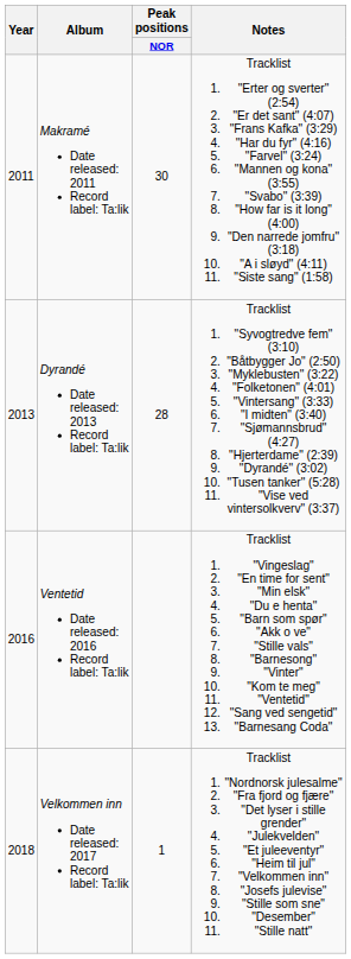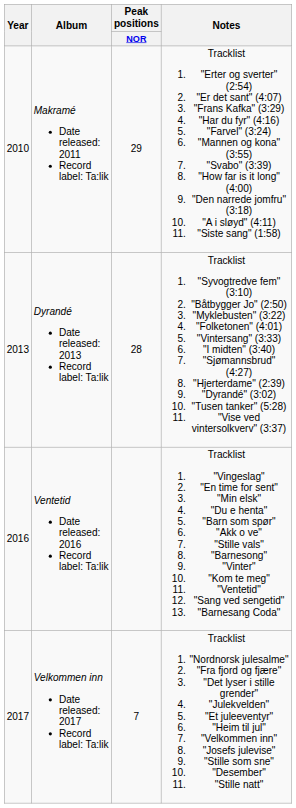 <table class="wikitable">
 <tr>
 <th align="center" rowspan="2" width="10">Year</th>
 <th align="center" rowspan="2" width="120">Album</th>
 <th align="center" colspan="1" width="20">Peak positions</th>
 <th align="center" rowspan="2" width="200">Notes</th>
 </tr>
 <tr>
 <th scope="col" style="width:3em;font-size:90%;"><a href='#'>NOR</a><br></th>
 </tr>
 <tr>
-<td style="text-align:center;">2011</td>
+<td style="text-align:center;">2010</td>
 <td><em>Makramé</em><br><ul><li>Date released: 2011</li><li>Record label: Ta:lik</li></ul></td>
-<td style="text-align:center;">30</td>
+<td style="text-align:center;">29</td>
 <td style="text-align:center;">Tracklist<br><ol><li>"Erter og sverter" (2:54)</li><li>"Er det sant" (4:07)</li><li>"Frans Kafka" (3:29)</li><li>"Har du fyr" (4:16)</li><li>"Farvel" (3:24)</li><li>"Mannen og kona" (3:55)</li><li>"Svabo" (3:39)</li><li>"How far is it long" (4:00)</li><li>"Den narrede jomfru" (3:18)</li><li>"A i sløyd" (4:11)</li><li>"Siste sang" (1:58)</li></ol></td>
 </tr>
 <tr>
 <td style="text-align:center;">2013</td>
 <td><em>Dyrandé</em><br><ul><li>Date released: 2013</li><li>Record label: Ta:lik</li></ul></td>
 <td style="text-align:center;">28</td>
 <td style="text-align:center;">Tracklist<br><ol><li>"Syvogtredve fem" (3:10)</li><li>"Båtbygger Jo" (2:50)</li><li>"Myklebusten" (3:22)</li><li>"Folketonen" (4:01)</li><li>"Vintersang" (3:33)</li><li>"I midten" (3:40)</li><li>"Sjømannsbrud" (4:27)</li><li>"Hjerterdame" (2:39)</li><li>"Dyrandé" (3:02)</li><li>"Tusen tanker" (5:28)</li><li>"Vise ved vintersolkverv" (3:37)</li></ol></td>
 </tr>
 <tr>
 <td style="text-align:center;">2016</td>
 <td><em>Ventetid</em><br><ul><li>Date released: 2016</li><li>Record label: Ta:lik</li></ul></td>
 <td style="text-align:center;"></td>
 <td style="text-align:center;">Tracklist<br><ol><li>"Vingeslag"</li><li>"En time for sent"</li><li>"Min elsk"</li><li>"Du e henta"</li><li>"Barn som spør"</li><li>"Akk o ve"</li><li>"Stille vals"</li><li>"Barnesong"</li><li>"Vinter"</li><li>"Kom te meg"</li><li>"Ventetid"</li><li>"Sang ved sengetid"</li><li>"Barnesang Coda"</li></ol></td>
 </tr>
 <tr>
-<td style="text-align:center;">2018</td>
+<td style="text-align:center;">2017</td>
 <td><em>Velkommen inn</em><br><ul><li>Date released: 2017</li><li>Record label: Ta:lik</li></ul></td>
-<td style="text-align:center;">1<br></td>
+<td style="text-align:center;">7<br></td>
 <td style="text-align:center;">Tracklist<br><ol><li>"Nordnorsk julesalme"</li><li>"Fra fjord og fjære"</li><li>"Det lyser i stille grender"</li><li>"Julekvelden"</li><li>"Et juleeventyr"</li><li>"Heim til jul"</li><li>"Velkommen inn"</li><li>"Josefs julevise"</li><li>"Stille som sne"</li><li>"Desember"</li><li>"Stille natt"</li></ol></td>
 </tr>
 </table>
